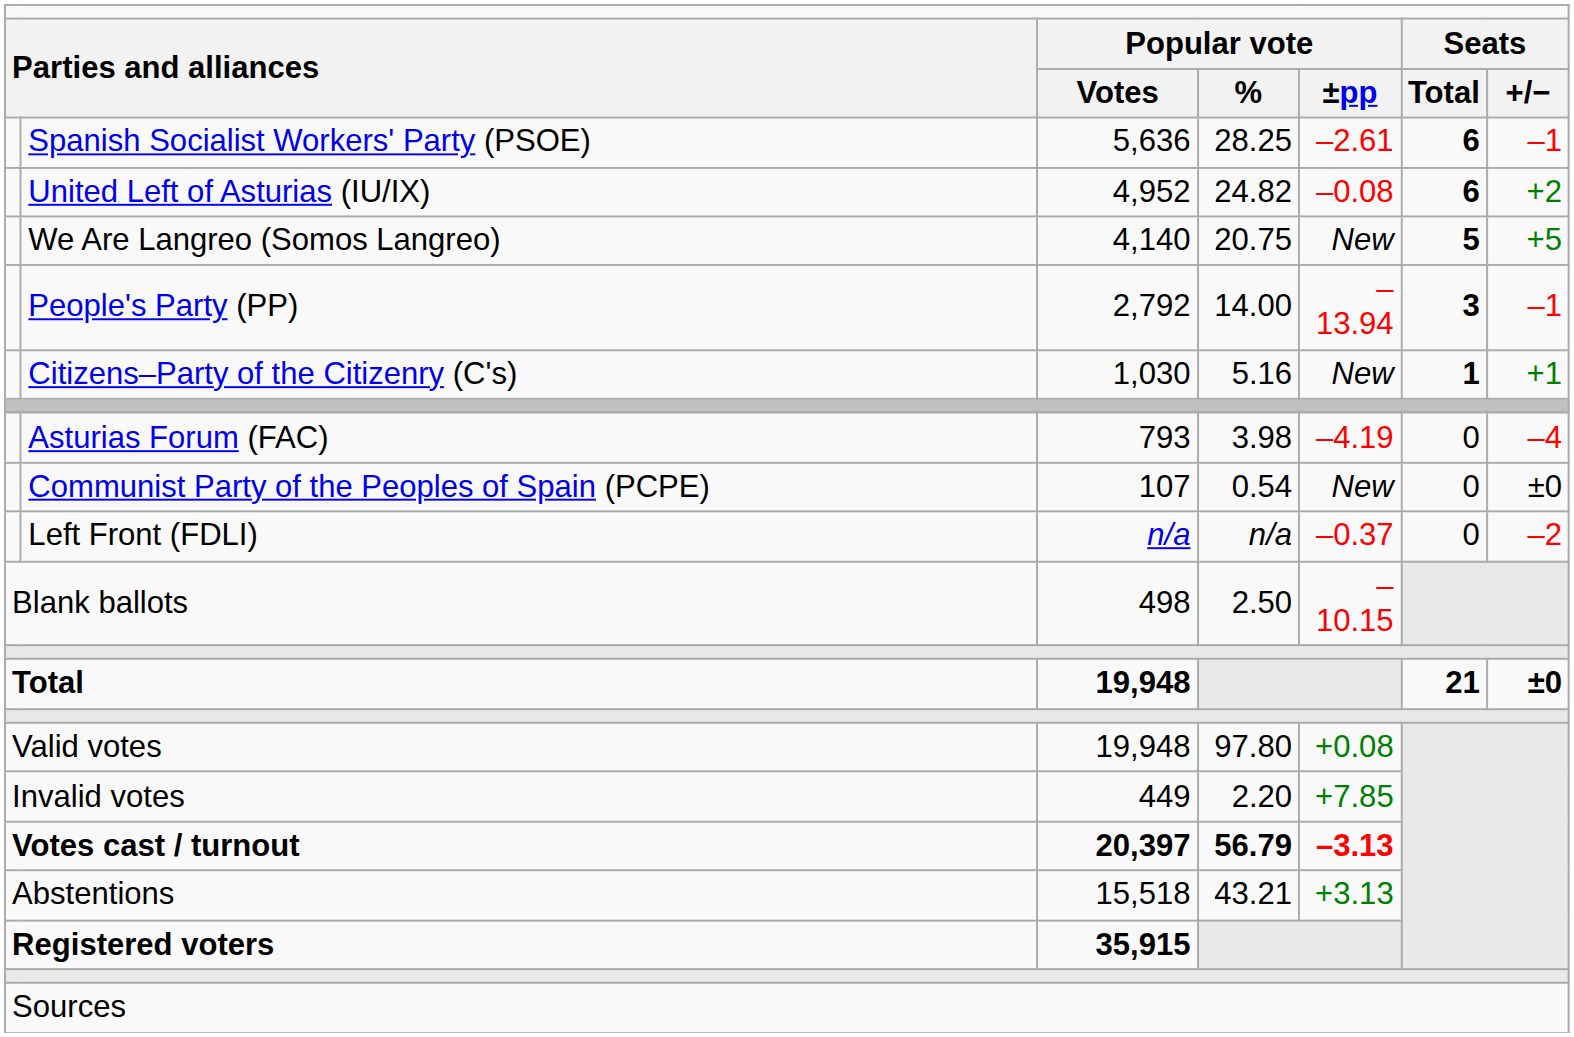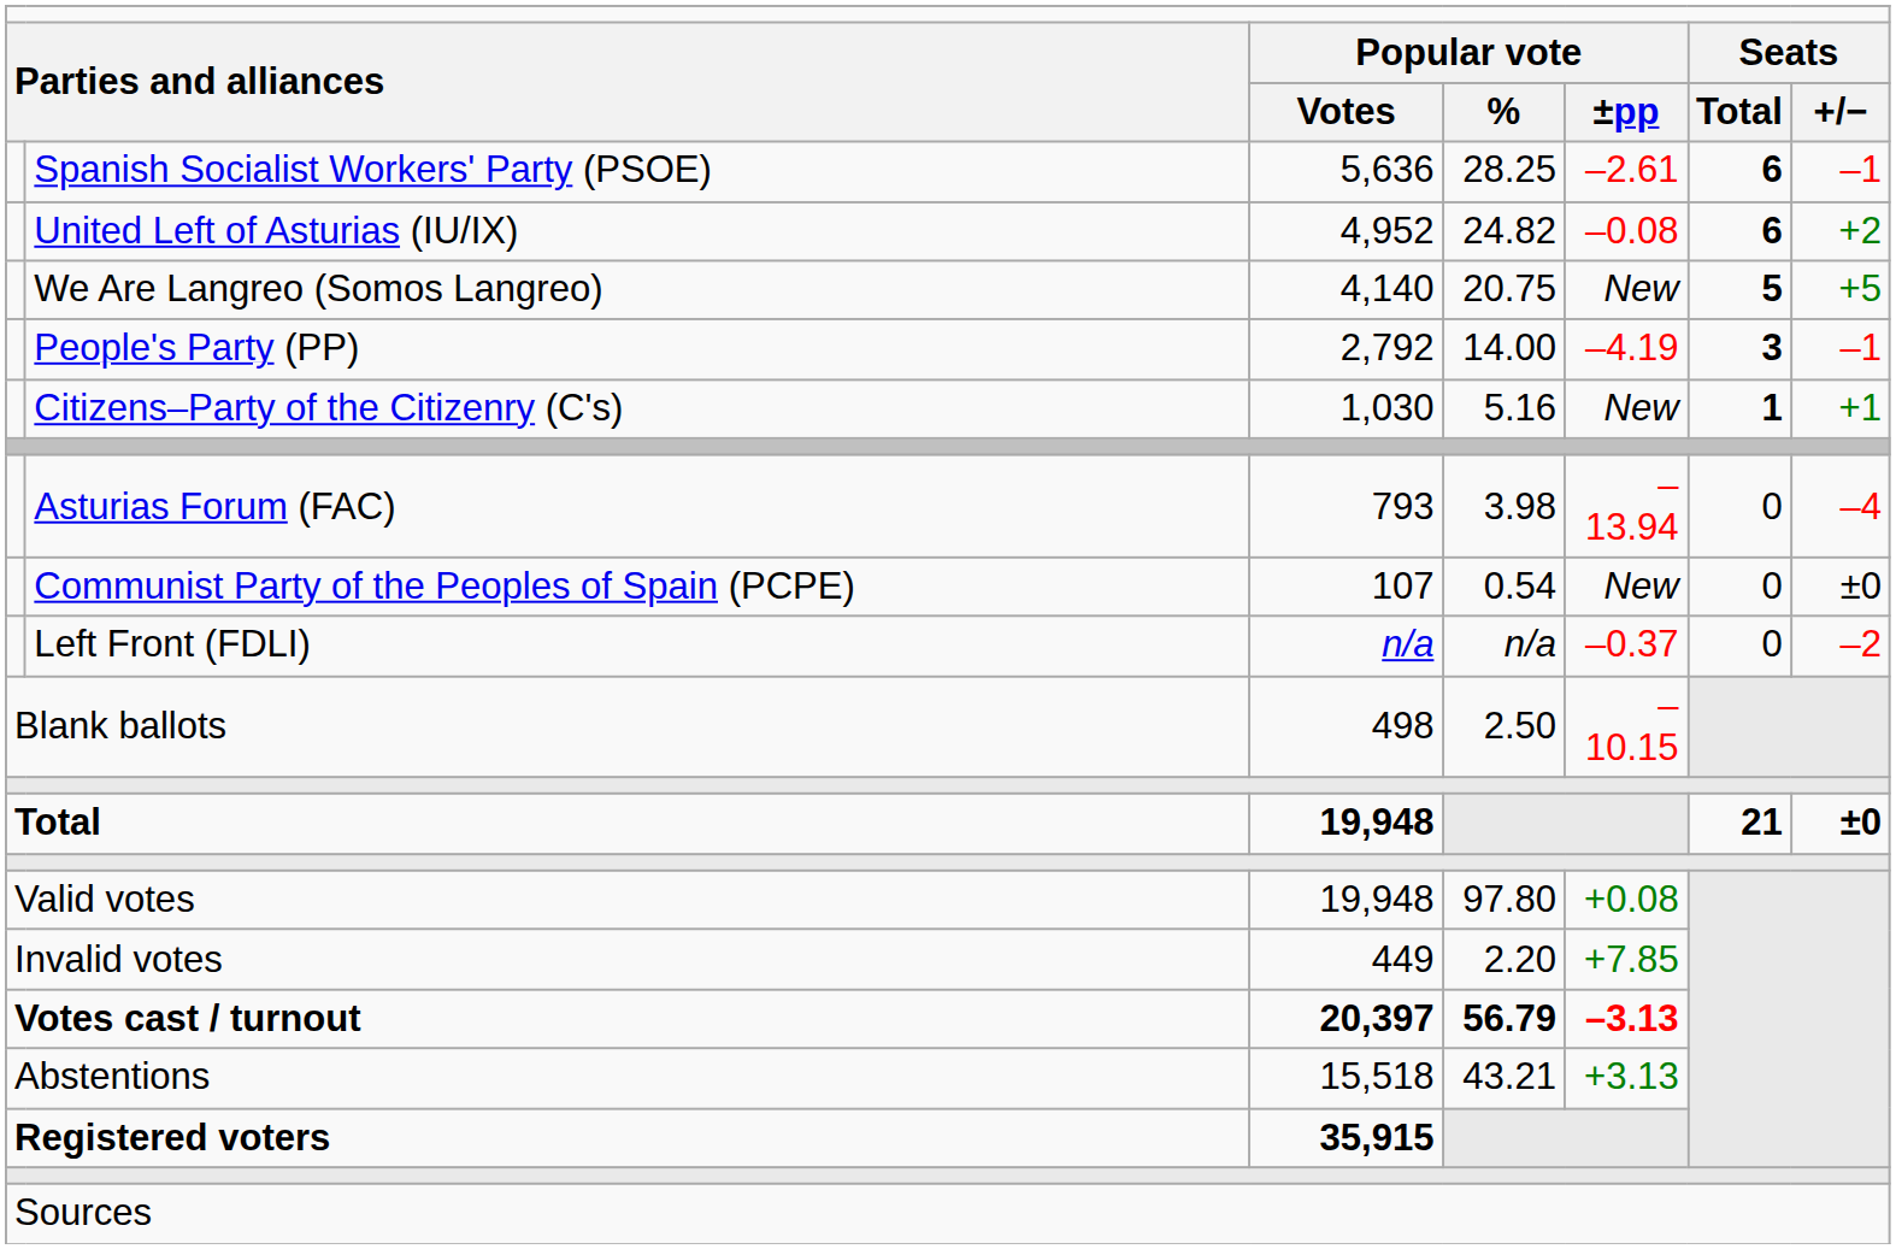 <table class="wikitable" style="text-align:right;">
 <tr>
 <td colspan="7"></td>
 </tr>
 <tr>
 <th style="text-align:left;" rowspan="2" colspan="2" width="525">Parties and alliances</th>
 <th colspan="3">Popular vote</th>
 <th colspan="2">Seats</th>
 </tr>
 <tr>
 <th width="75">Votes</th>
 <th width="45">%</th>
 <th width="45">±<a href='#'>pp</a></th>
 <th width="35">Total</th>
 <th width="35">+/−</th>
 </tr>
 <tr>
 <td width="1" style="color:inherit;background:"></td>
 <td align="left"><a href='#'>Spanish Socialist Workers' Party</a> (PSOE)</td>
 <td>5,636</td>
 <td>28.25</td>
 <td style="color:red;">–2.61</td>
 <td><strong>6</strong></td>
 <td style="color:red;">–1</td>
 </tr>
 <tr>
 <td style="color:inherit;background:"></td>
 <td align="left"><a href='#'>United Left of Asturias</a> (IU/IX)</td>
 <td>4,952</td>
 <td>24.82</td>
 <td style="color:red;">–0.08</td>
 <td><strong>6</strong></td>
 <td style="color:green;">+2</td>
 </tr>
 <tr>
 <td style="color:inherit;background:"></td>
 <td align="left">We Are Langreo (Somos Langreo)</td>
 <td>4,140</td>
 <td>20.75</td>
 <td><em>New</em></td>
 <td><strong>5</strong></td>
 <td style="color:green;">+5</td>
 </tr>
 <tr>
 <td style="color:inherit;background:"></td>
 <td align="left"><a href='#'>People's Party</a> (PP)</td>
 <td>2,792</td>
 <td>14.00</td>
-<td style="color:red;">–13.94</td>
+<td style="color:red;">–4.19</td>
 <td><strong>3</strong></td>
 <td style="color:red;">–1</td>
 </tr>
 <tr>
 <td style="color:inherit;background:"></td>
 <td align="left"><a href='#'>Citizens–Party of the Citizenry</a> (C's)</td>
 <td>1,030</td>
 <td>5.16</td>
 <td><em>New</em></td>
 <td><strong>1</strong></td>
 <td style="color:green;">+1</td>
 </tr>
 <tr>
 <td colspan="7" bgcolor="#C0C0C0"></td>
 </tr>
 <tr>
 <td style="color:inherit;background:"></td>
 <td align="left"><a href='#'>Asturias Forum</a> (FAC)</td>
 <td>793</td>
 <td>3.98</td>
-<td style="color:red;">–4.19</td>
+<td style="color:red;">–13.94</td>
 <td>0</td>
 <td style="color:red;">–4</td>
 </tr>
 <tr>
 <td style="color:inherit;background:"></td>
 <td align="left"><a href='#'>Communist Party of the Peoples of Spain</a> (PCPE)</td>
 <td>107</td>
 <td>0.54</td>
 <td><em>New</em></td>
 <td>0</td>
 <td>±0</td>
 </tr>
 <tr>
 <td style="color:inherit;background:"></td>
 <td align="left">Left Front (FDLI)</td>
 <td><em><a href='#'>n/a</a></em></td>
 <td><em>n/a</em></td>
 <td style="color:red;">–0.37</td>
 <td>0</td>
 <td style="color:red;">–2</td>
 </tr>
 <tr>
 <td align="left" colspan="2">Blank ballots</td>
 <td>498</td>
 <td>2.50</td>
 <td style="color:red;">–10.15</td>
 <td bgcolor="#E9E9E9" colspan="2"></td>
 </tr>
 <tr>
 <td colspan="7" bgcolor="#E9E9E9"></td>
 </tr>
 <tr style="font-weight:bold;">
 <td align="left" colspan="2">Total</td>
 <td>19,948</td>
 <td bgcolor="#E9E9E9" colspan="2"></td>
 <td>21</td>
 <td>±0</td>
 </tr>
 <tr>
 <td colspan="7" bgcolor="#E9E9E9"></td>
 </tr>
 <tr>
 <td align="left" colspan="2">Valid votes</td>
 <td>19,948</td>
 <td>97.80</td>
 <td style="color:green;">+0.08</td>
 <td bgcolor="#E9E9E9" colspan="2" rowspan="5"></td>
 </tr>
 <tr>
 <td align="left" colspan="2">Invalid votes</td>
 <td>449</td>
 <td>2.20</td>
 <td style="color:green;">+7.85</td>
 </tr>
 <tr style="font-weight:bold;">
 <td align="left" colspan="2">Votes cast / turnout</td>
 <td>20,397</td>
 <td>56.79</td>
 <td style="color:red;">–3.13</td>
 </tr>
 <tr>
 <td align="left" colspan="2">Abstentions</td>
 <td>15,518</td>
 <td>43.21</td>
 <td style="color:green;">+3.13</td>
 </tr>
 <tr style="font-weight:bold;">
 <td align="left" colspan="2">Registered voters</td>
 <td>35,915</td>
 <td bgcolor="#E9E9E9" colspan="2"></td>
 </tr>
 <tr>
 <td colspan="7" bgcolor="#E9E9E9"></td>
 </tr>
 <tr>
 <td align="left" colspan="7">Sources</td>
 </tr>
 </table>
